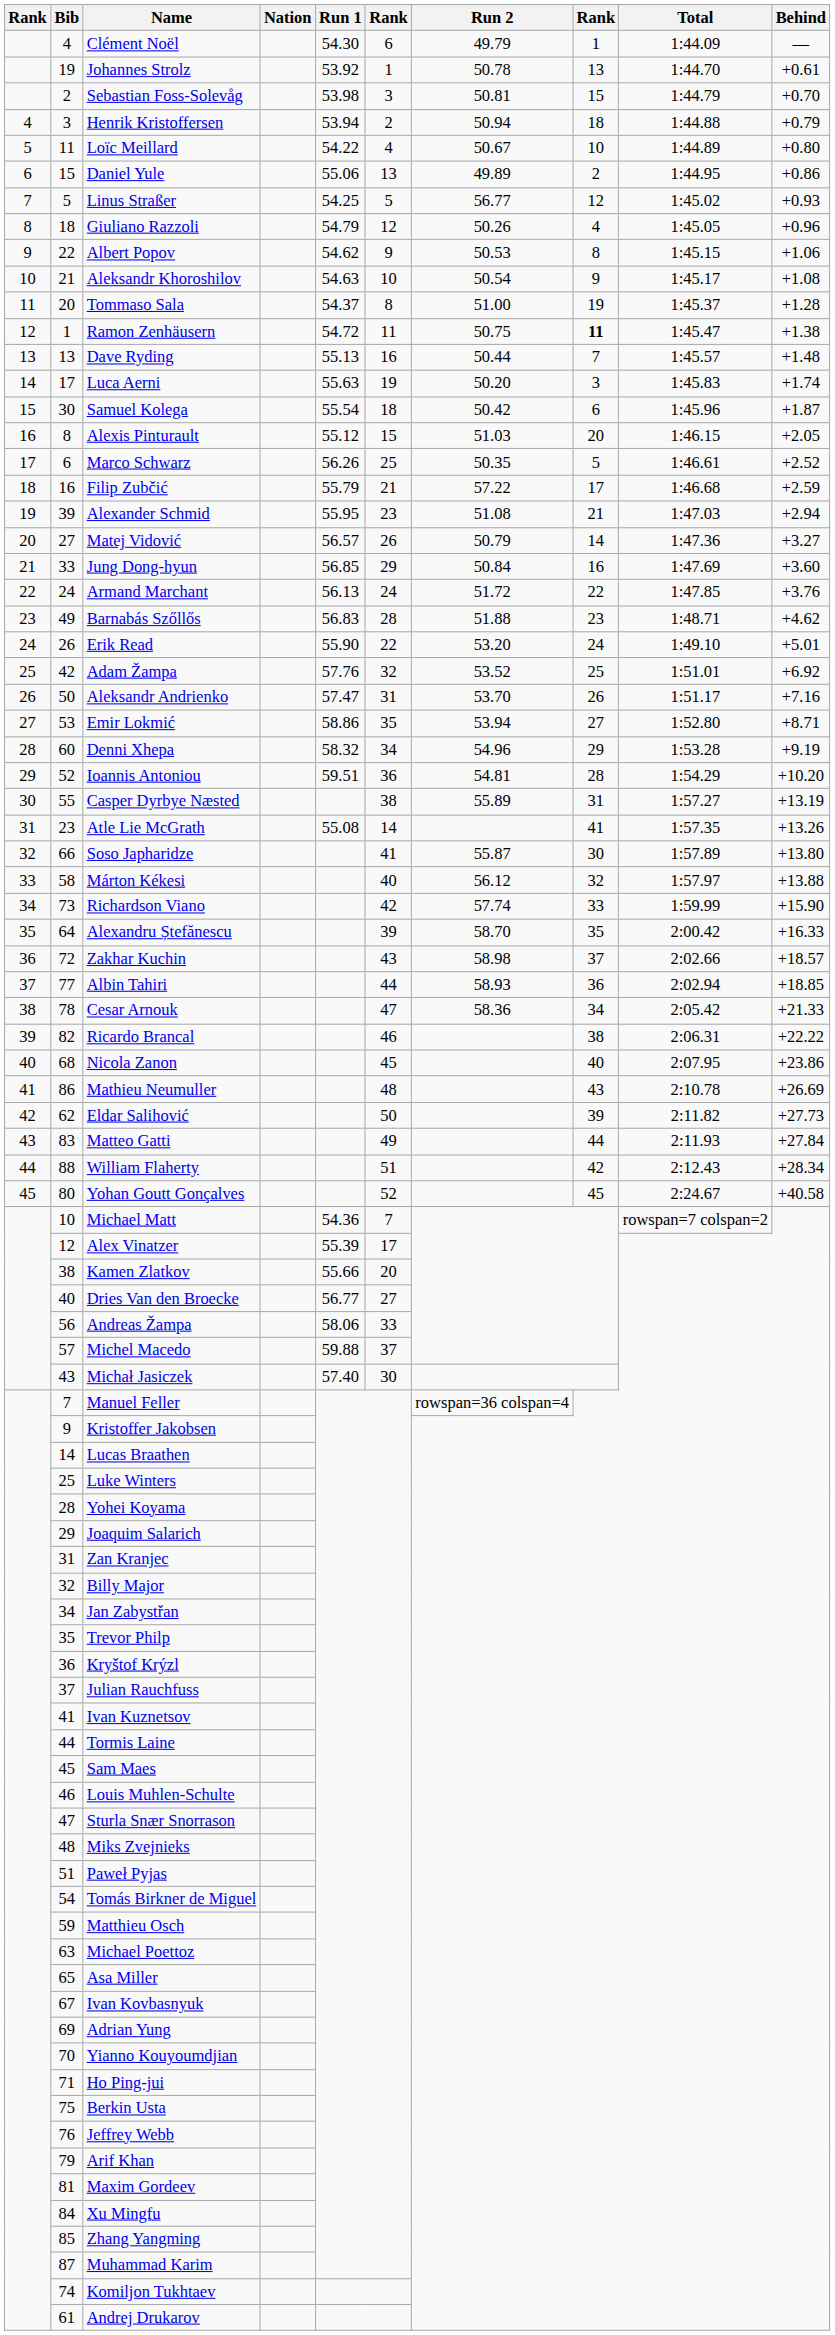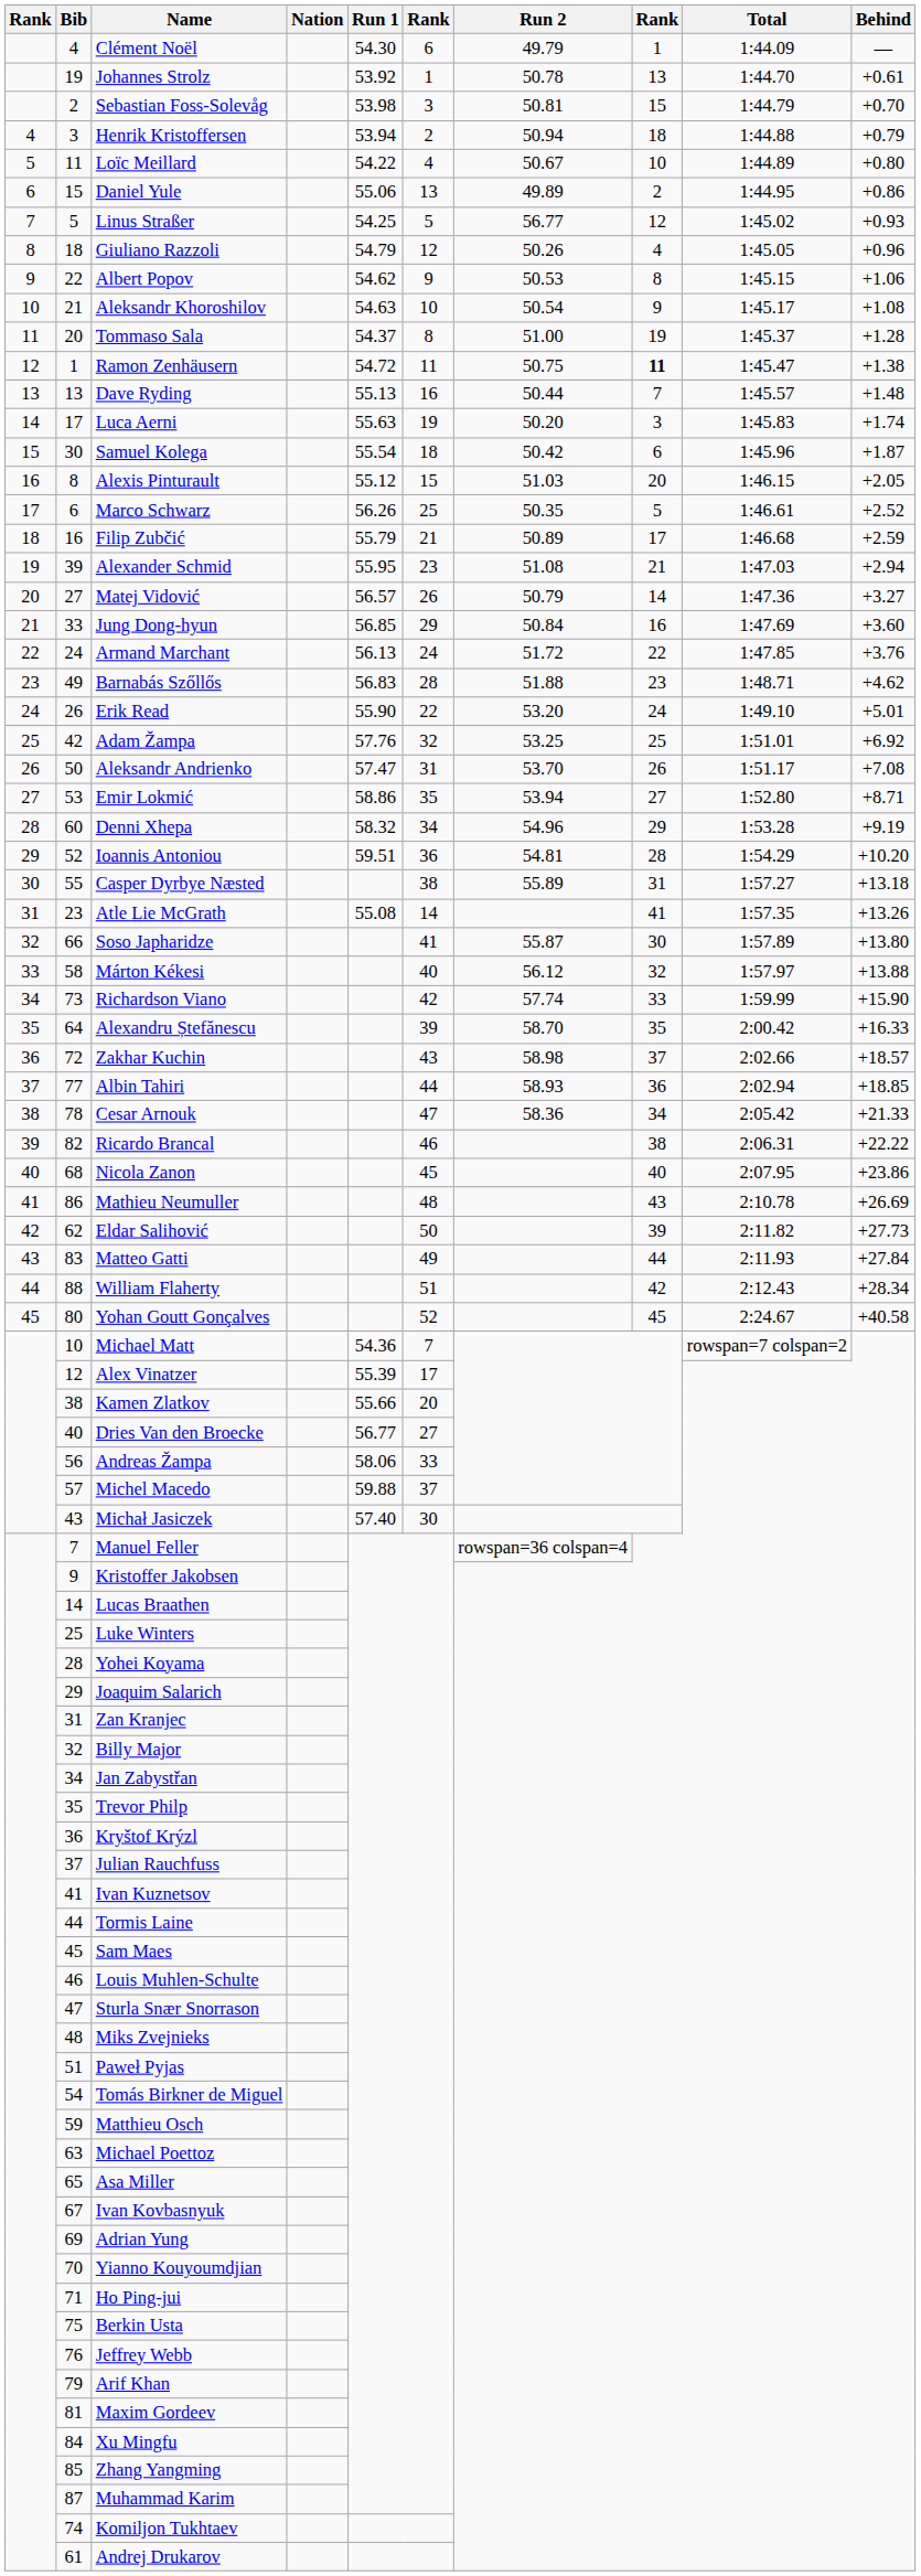 <table class="wikitable sortable" style="text-align:center">
 <tr>
 <th>Rank</th>
 <th>Bib</th>
 <th>Name</th>
 <th>Nation</th>
 <th>Run 1</th>
 <th>Rank</th>
 <th>Run 2</th>
 <th>Rank</th>
 <th>Total</th>
 <th>Behind</th>
 </tr>
 <tr>
 <td></td>
 <td>4</td>
 <td align=left><a href='#'>Clément Noël</a></td>
 <td align=left></td>
 <td>54.30</td>
 <td>6</td>
 <td>49.79</td>
 <td>1</td>
 <td>1:44.09</td>
 <td>—</td>
 </tr>
 <tr>
 <td></td>
 <td>19</td>
 <td align=left><a href='#'>Johannes Strolz</a></td>
 <td align=left></td>
 <td>53.92</td>
 <td>1</td>
 <td>50.78</td>
 <td>13</td>
 <td>1:44.70</td>
 <td>+0.61</td>
 </tr>
 <tr>
 <td></td>
 <td>2</td>
 <td align=left><a href='#'>Sebastian Foss-Solevåg</a></td>
 <td align=left></td>
 <td>53.98</td>
 <td>3</td>
 <td>50.81</td>
 <td>15</td>
 <td>1:44.79</td>
 <td>+0.70</td>
 </tr>
 <tr>
 <td>4</td>
 <td>3</td>
 <td align=left><a href='#'>Henrik Kristoffersen</a></td>
 <td align=left></td>
 <td>53.94</td>
 <td>2</td>
 <td>50.94</td>
 <td>18</td>
 <td>1:44.88</td>
 <td>+0.79</td>
 </tr>
 <tr>
 <td>5</td>
 <td>11</td>
 <td align=left><a href='#'>Loïc Meillard</a></td>
 <td align=left></td>
 <td>54.22</td>
 <td>4</td>
 <td>50.67</td>
 <td>10</td>
 <td>1:44.89</td>
 <td>+0.80</td>
 </tr>
 <tr>
 <td>6</td>
 <td>15</td>
 <td align=left><a href='#'>Daniel Yule</a></td>
 <td align=left></td>
 <td>55.06</td>
 <td>13</td>
 <td>49.89</td>
 <td>2</td>
 <td>1:44.95</td>
 <td>+0.86</td>
 </tr>
 <tr>
 <td>7</td>
 <td>5</td>
 <td align=left><a href='#'>Linus Straßer</a></td>
 <td align=left></td>
 <td>54.25</td>
 <td>5</td>
 <td>56.77</td>
 <td>12</td>
 <td>1:45.02</td>
 <td>+0.93</td>
 </tr>
 <tr>
 <td>8</td>
 <td>18</td>
 <td align=left><a href='#'>Giuliano Razzoli</a></td>
 <td align=left></td>
 <td>54.79</td>
 <td>12</td>
 <td>50.26</td>
 <td>4</td>
 <td>1:45.05</td>
 <td>+0.96</td>
 </tr>
 <tr>
 <td>9</td>
 <td>22</td>
 <td align=left><a href='#'>Albert Popov</a></td>
 <td align=left></td>
 <td>54.62</td>
 <td>9</td>
 <td>50.53</td>
 <td>8</td>
 <td>1:45.15</td>
 <td>+1.06</td>
 </tr>
 <tr>
 <td>10</td>
 <td>21</td>
 <td align=left><a href='#'>Aleksandr Khoroshilov</a></td>
 <td align=left></td>
 <td>54.63</td>
 <td>10</td>
 <td>50.54</td>
 <td>9</td>
 <td>1:45.17</td>
 <td>+1.08</td>
 </tr>
 <tr>
 <td>11</td>
 <td>20</td>
 <td align=left><a href='#'>Tommaso Sala</a></td>
 <td align=left></td>
 <td>54.37</td>
 <td>8</td>
 <td>51.00</td>
 <td>19</td>
 <td>1:45.37</td>
 <td>+1.28</td>
 </tr>
 <tr>
 <td>12</td>
 <td>1</td>
 <td align=left><a href='#'>Ramon Zenhäusern</a></td>
 <td align=left></td>
 <td>54.72</td>
 <td>11</td>
 <td>50.75</td>
 <td><strong>11</strong></td>
 <td>1:45.47</td>
 <td>+1.38</td>
 </tr>
 <tr>
 <td>13</td>
 <td>13</td>
 <td align=left><a href='#'>Dave Ryding</a></td>
 <td align=left></td>
 <td>55.13</td>
 <td>16</td>
 <td>50.44</td>
 <td>7</td>
 <td>1:45.57</td>
 <td>+1.48</td>
 </tr>
 <tr>
 <td>14</td>
 <td>17</td>
 <td align=left><a href='#'>Luca Aerni</a></td>
 <td align=left></td>
 <td>55.63</td>
 <td>19</td>
 <td>50.20</td>
 <td>3</td>
 <td>1:45.83</td>
 <td>+1.74</td>
 </tr>
 <tr>
 <td>15</td>
 <td>30</td>
 <td align=left><a href='#'>Samuel Kolega</a></td>
 <td align=left></td>
 <td>55.54</td>
 <td>18</td>
 <td>50.42</td>
 <td>6</td>
 <td>1:45.96</td>
 <td>+1.87</td>
 </tr>
 <tr>
 <td>16</td>
 <td>8</td>
 <td align=left><a href='#'>Alexis Pinturault</a></td>
 <td align=left></td>
 <td>55.12</td>
 <td>15</td>
 <td>51.03</td>
 <td>20</td>
 <td>1:46.15</td>
 <td>+2.05</td>
 </tr>
 <tr>
 <td>17</td>
 <td>6</td>
 <td align=left><a href='#'>Marco Schwarz</a></td>
 <td align=left></td>
 <td>56.26</td>
 <td>25</td>
 <td>50.35</td>
 <td>5</td>
 <td>1:46.61</td>
 <td>+2.52</td>
 </tr>
 <tr>
 <td>18</td>
 <td>16</td>
 <td align=left><a href='#'>Filip Zubčić</a></td>
 <td align=left></td>
 <td>55.79</td>
 <td>21</td>
-<td>57.22</td>
+<td>50.89</td>
 <td>17</td>
 <td>1:46.68</td>
 <td>+2.59</td>
 </tr>
 <tr>
 <td>19</td>
 <td>39</td>
 <td align=left><a href='#'>Alexander Schmid</a></td>
 <td align=left></td>
 <td>55.95</td>
 <td>23</td>
 <td>51.08</td>
 <td>21</td>
 <td>1:47.03</td>
 <td>+2.94</td>
 </tr>
 <tr>
 <td>20</td>
 <td>27</td>
 <td align=left><a href='#'>Matej Vidović</a></td>
 <td align=left></td>
 <td>56.57</td>
 <td>26</td>
 <td>50.79</td>
 <td>14</td>
 <td>1:47.36</td>
 <td>+3.27</td>
 </tr>
 <tr>
 <td>21</td>
 <td>33</td>
 <td align=left><a href='#'>Jung Dong-hyun</a></td>
 <td align=left></td>
 <td>56.85</td>
 <td>29</td>
 <td>50.84</td>
 <td>16</td>
 <td>1:47.69</td>
 <td>+3.60</td>
 </tr>
 <tr>
 <td>22</td>
 <td>24</td>
 <td align=left><a href='#'>Armand Marchant</a></td>
 <td align=left></td>
 <td>56.13</td>
 <td>24</td>
 <td>51.72</td>
 <td>22</td>
 <td>1:47.85</td>
 <td>+3.76</td>
 </tr>
 <tr>
 <td>23</td>
 <td>49</td>
 <td align=left><a href='#'>Barnabás Szőllős</a></td>
 <td align=left></td>
 <td>56.83</td>
 <td>28</td>
 <td>51.88</td>
 <td>23</td>
 <td>1:48.71</td>
 <td>+4.62</td>
 </tr>
 <tr>
 <td>24</td>
 <td>26</td>
 <td align=left><a href='#'>Erik Read</a></td>
 <td align=left></td>
 <td>55.90</td>
 <td>22</td>
 <td>53.20</td>
 <td>24</td>
 <td>1:49.10</td>
 <td>+5.01</td>
 </tr>
 <tr>
 <td>25</td>
 <td>42</td>
 <td align=left><a href='#'>Adam Žampa</a></td>
 <td align=left></td>
 <td>57.76</td>
 <td>32</td>
-<td>53.52</td>
+<td>53.25</td>
 <td>25</td>
 <td>1:51.01</td>
 <td>+6.92</td>
 </tr>
 <tr>
 <td>26</td>
 <td>50</td>
 <td align=left><a href='#'>Aleksandr Andrienko</a></td>
 <td align=left></td>
 <td>57.47</td>
 <td>31</td>
 <td>53.70</td>
 <td>26</td>
 <td>1:51.17</td>
-<td>+7.16</td>
+<td>+7.08</td>
 </tr>
 <tr>
 <td>27</td>
 <td>53</td>
 <td align=left><a href='#'>Emir Lokmić</a></td>
 <td align=left></td>
 <td>58.86</td>
 <td>35</td>
 <td>53.94</td>
 <td>27</td>
 <td>1:52.80</td>
 <td>+8.71</td>
 </tr>
 <tr>
 <td>28</td>
 <td>60</td>
 <td align=left><a href='#'>Denni Xhepa</a></td>
 <td align=left></td>
 <td>58.32</td>
 <td>34</td>
 <td>54.96</td>
 <td>29</td>
 <td>1:53.28</td>
 <td>+9.19</td>
 </tr>
 <tr>
 <td>29</td>
 <td>52</td>
 <td align=left><a href='#'>Ioannis Antoniou</a></td>
 <td align=left></td>
 <td>59.51</td>
 <td>36</td>
 <td>54.81</td>
 <td>28</td>
 <td>1:54.29</td>
 <td>+10.20</td>
 </tr>
 <tr>
 <td>30</td>
 <td>55</td>
 <td align=left><a href='#'>Casper Dyrbye Næsted</a></td>
 <td align=left></td>
 <td></td>
 <td>38</td>
 <td>55.89</td>
 <td>31</td>
 <td>1:57.27</td>
-<td>+13.19</td>
+<td>+13.18</td>
 </tr>
 <tr>
 <td>31</td>
 <td>23</td>
 <td align=left><a href='#'>Atle Lie McGrath</a></td>
 <td align=left></td>
 <td>55.08</td>
 <td>14</td>
 <td></td>
 <td>41</td>
 <td>1:57.35</td>
 <td>+13.26</td>
 </tr>
 <tr>
 <td>32</td>
 <td>66</td>
 <td align=left><a href='#'>Soso Japharidze</a></td>
 <td align=left></td>
 <td></td>
 <td>41</td>
 <td>55.87</td>
 <td>30</td>
 <td>1:57.89</td>
 <td>+13.80</td>
 </tr>
 <tr>
 <td>33</td>
 <td>58</td>
 <td align=left><a href='#'>Márton Kékesi</a></td>
 <td align=left></td>
 <td></td>
 <td>40</td>
 <td>56.12</td>
 <td>32</td>
 <td>1:57.97</td>
 <td>+13.88</td>
 </tr>
 <tr>
 <td>34</td>
 <td>73</td>
 <td align=left><a href='#'>Richardson Viano</a></td>
 <td align=left></td>
 <td></td>
 <td>42</td>
 <td>57.74</td>
 <td>33</td>
 <td>1:59.99</td>
 <td>+15.90</td>
 </tr>
 <tr>
 <td>35</td>
 <td>64</td>
 <td align=left><a href='#'>Alexandru Ștefănescu</a></td>
 <td align=left></td>
 <td></td>
 <td>39</td>
 <td>58.70</td>
 <td>35</td>
 <td>2:00.42</td>
 <td>+16.33</td>
 </tr>
 <tr>
 <td>36</td>
 <td>72</td>
 <td align=left><a href='#'>Zakhar Kuchin</a></td>
 <td align=left></td>
 <td></td>
 <td>43</td>
 <td>58.98</td>
 <td>37</td>
 <td>2:02.66</td>
 <td>+18.57</td>
 </tr>
 <tr>
 <td>37</td>
 <td>77</td>
 <td align=left><a href='#'>Albin Tahiri</a></td>
 <td align=left></td>
 <td></td>
 <td>44</td>
 <td>58.93</td>
 <td>36</td>
 <td>2:02.94</td>
 <td>+18.85</td>
 </tr>
 <tr>
 <td>38</td>
 <td>78</td>
 <td align=left><a href='#'>Cesar Arnouk</a></td>
 <td align=left></td>
 <td></td>
 <td>47</td>
 <td>58.36</td>
 <td>34</td>
 <td>2:05.42</td>
 <td>+21.33</td>
 </tr>
 <tr>
 <td>39</td>
 <td>82</td>
 <td align=left><a href='#'>Ricardo Brancal</a></td>
 <td align=left></td>
 <td></td>
 <td>46</td>
 <td></td>
 <td>38</td>
 <td>2:06.31</td>
 <td>+22.22</td>
 </tr>
 <tr>
 <td>40</td>
 <td>68</td>
 <td align=left><a href='#'>Nicola Zanon</a></td>
 <td align=left></td>
 <td></td>
 <td>45</td>
 <td></td>
 <td>40</td>
 <td>2:07.95</td>
 <td>+23.86</td>
 </tr>
 <tr>
 <td>41</td>
 <td>86</td>
 <td align=left><a href='#'>Mathieu Neumuller</a></td>
 <td align=left></td>
 <td></td>
 <td>48</td>
 <td></td>
 <td>43</td>
 <td>2:10.78</td>
 <td>+26.69</td>
 </tr>
 <tr>
 <td>42</td>
 <td>62</td>
 <td align=left><a href='#'>Eldar Salihović</a></td>
 <td align=left></td>
 <td></td>
 <td>50</td>
 <td></td>
 <td>39</td>
 <td>2:11.82</td>
 <td>+27.73</td>
 </tr>
 <tr>
 <td>43</td>
 <td>83</td>
 <td align=left><a href='#'>Matteo Gatti</a></td>
 <td align=left></td>
 <td></td>
 <td>49</td>
 <td></td>
 <td>44</td>
 <td>2:11.93</td>
 <td>+27.84</td>
 </tr>
 <tr>
 <td>44</td>
 <td>88</td>
 <td align=left><a href='#'>William Flaherty</a></td>
 <td align=left></td>
 <td></td>
 <td>51</td>
 <td></td>
 <td>42</td>
 <td>2:12.43</td>
 <td>+28.34</td>
 </tr>
 <tr>
 <td>45</td>
 <td>80</td>
 <td align=left><a href='#'>Yohan Goutt Gonçalves</a></td>
 <td align=left></td>
 <td></td>
 <td>52</td>
 <td></td>
 <td>45</td>
 <td>2:24.67</td>
 <td>+40.58</td>
 </tr>
 <tr>
 <td rowspan=7></td>
 <td>10</td>
 <td align=left><a href='#'>Michael Matt</a></td>
 <td align=left></td>
 <td>54.36</td>
 <td>7</td>
 <td rowspan=6 colspan=2></td>
 <td>rowspan=7 colspan=2 </td>
 </tr>
 <tr>
 <td>12</td>
 <td align=left><a href='#'>Alex Vinatzer</a></td>
 <td align=left></td>
 <td>55.39</td>
 <td>17</td>
 </tr>
 <tr>
 <td>38</td>
 <td align=left><a href='#'>Kamen Zlatkov</a></td>
 <td align=left></td>
 <td>55.66</td>
 <td>20</td>
 </tr>
 <tr>
 <td>40</td>
 <td align=left><a href='#'>Dries Van den Broecke</a></td>
 <td align=left></td>
 <td>56.77</td>
 <td>27</td>
 </tr>
 <tr>
 <td>56</td>
 <td align=left><a href='#'>Andreas Žampa</a></td>
 <td align=left></td>
 <td>58.06</td>
 <td>33</td>
 </tr>
 <tr>
 <td>57</td>
 <td align=left><a href='#'>Michel Macedo</a></td>
 <td align=left></td>
 <td>59.88</td>
 <td>37</td>
 </tr>
 <tr>
 <td>43</td>
 <td align=left><a href='#'>Michał Jasiczek</a></td>
 <td align=left></td>
 <td>57.40</td>
 <td>30</td>
 <td colspan=2></td>
 </tr>
 <tr>
 <td rowspan=36></td>
 <td>7</td>
 <td align=left><a href='#'>Manuel Feller</a></td>
 <td align=left></td>
 <td rowspan=34 colspan=2></td>
 <td>rowspan=36 colspan=4 </td>
 </tr>
 <tr>
 <td>9</td>
 <td align=left><a href='#'>Kristoffer Jakobsen</a></td>
 <td align=left></td>
 </tr>
 <tr>
 <td>14</td>
 <td align=left><a href='#'>Lucas Braathen</a></td>
 <td align=left></td>
 </tr>
 <tr>
 <td>25</td>
 <td align=left><a href='#'>Luke Winters</a></td>
 <td align=left></td>
 </tr>
 <tr>
 <td>28</td>
 <td align=left><a href='#'>Yohei Koyama</a></td>
 <td align=left></td>
 </tr>
 <tr>
 <td>29</td>
 <td align=left><a href='#'>Joaquim Salarich</a></td>
 <td align=left></td>
 </tr>
 <tr>
 <td>31</td>
 <td align=left><a href='#'>Zan Kranjec</a></td>
 <td align=left></td>
 </tr>
 <tr>
 <td>32</td>
 <td align=left><a href='#'>Billy Major</a></td>
 <td align=left></td>
 </tr>
 <tr>
 <td>34</td>
 <td align=left><a href='#'>Jan Zabystřan</a></td>
 <td align=left></td>
 </tr>
 <tr>
 <td>35</td>
 <td align=left><a href='#'>Trevor Philp</a></td>
 <td align=left></td>
 </tr>
 <tr>
 <td>36</td>
 <td align=left><a href='#'>Kryštof Krýzl</a></td>
 <td align=left></td>
 </tr>
 <tr>
 <td>37</td>
 <td align=left><a href='#'>Julian Rauchfuss</a></td>
 <td align=left></td>
 </tr>
 <tr>
 <td>41</td>
 <td align=left><a href='#'>Ivan Kuznetsov</a></td>
 <td align=left></td>
 </tr>
 <tr>
 <td>44</td>
 <td align=left><a href='#'>Tormis Laine</a></td>
 <td align=left></td>
 </tr>
 <tr>
 <td>45</td>
 <td align=left><a href='#'>Sam Maes</a></td>
 <td align=left></td>
 </tr>
 <tr>
 <td>46</td>
 <td align=left><a href='#'>Louis Muhlen-Schulte</a></td>
 <td align=left></td>
 </tr>
 <tr>
 <td>47</td>
 <td align=left><a href='#'>Sturla Snær Snorrason</a></td>
 <td align=left></td>
 </tr>
 <tr>
 <td>48</td>
 <td align=left><a href='#'>Miks Zvejnieks</a></td>
 <td align=left></td>
 </tr>
 <tr>
 <td>51</td>
 <td align=left><a href='#'>Paweł Pyjas</a></td>
 <td align=left></td>
 </tr>
 <tr>
 <td>54</td>
 <td align=left><a href='#'>Tomás Birkner de Miguel</a></td>
 <td align=left></td>
 </tr>
 <tr>
 <td>59</td>
 <td align=left><a href='#'>Matthieu Osch</a></td>
 <td align=left></td>
 </tr>
 <tr>
 <td>63</td>
 <td align=left><a href='#'>Michael Poettoz</a></td>
 <td align=left></td>
 </tr>
 <tr>
 <td>65</td>
 <td align=left><a href='#'>Asa Miller</a></td>
 <td align=left></td>
 </tr>
 <tr>
 <td>67</td>
 <td align=left><a href='#'>Ivan Kovbasnyuk</a></td>
 <td align=left></td>
 </tr>
 <tr>
 <td>69</td>
 <td align=left><a href='#'>Adrian Yung</a></td>
 <td align=left></td>
 </tr>
 <tr>
 <td>70</td>
 <td align=left><a href='#'>Yianno Kouyoumdjian</a></td>
 <td align=left></td>
 </tr>
 <tr>
 <td>71</td>
 <td align=left><a href='#'>Ho Ping-jui</a></td>
 <td align=left></td>
 </tr>
 <tr>
 <td>75</td>
 <td align=left><a href='#'>Berkin Usta</a></td>
 <td align=left></td>
 </tr>
 <tr>
 <td>76</td>
 <td align=left><a href='#'>Jeffrey Webb</a></td>
 <td align=left></td>
 </tr>
 <tr>
 <td>79</td>
 <td align=left><a href='#'>Arif Khan</a></td>
 <td align=left></td>
 </tr>
 <tr>
 <td>81</td>
 <td align=left><a href='#'>Maxim Gordeev</a></td>
 <td align=left></td>
 </tr>
 <tr>
 <td>84</td>
 <td align=left><a href='#'>Xu Mingfu</a></td>
 <td align=left></td>
 </tr>
 <tr>
 <td>85</td>
 <td align=left><a href='#'>Zhang Yangming</a></td>
 <td align=left></td>
 </tr>
 <tr>
 <td>87</td>
 <td align=left><a href='#'>Muhammad Karim</a></td>
 <td align=left></td>
 </tr>
 <tr>
 <td>74</td>
 <td align=left><a href='#'>Komiljon Tukhtaev</a></td>
 <td align=left></td>
 <td colspan=2></td>
 </tr>
 <tr>
 <td>61</td>
 <td align=left><a href='#'>Andrej Drukarov</a></td>
 <td align=left></td>
 <td colspan=2></td>
 </tr>
 </table>
